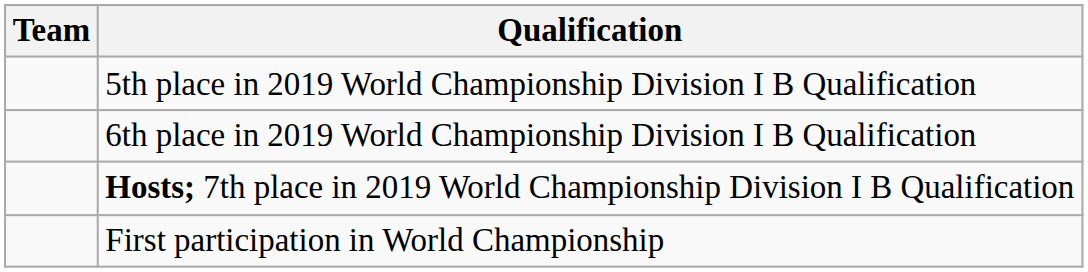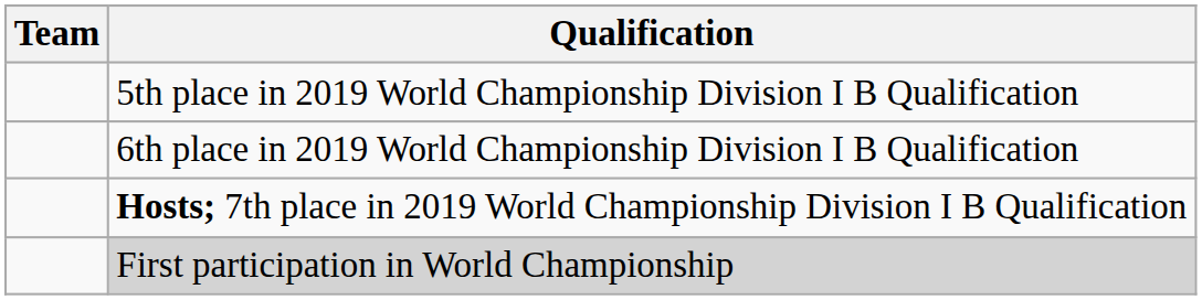 <table class="wikitable">
 <tr>
 <th>Team</th>
 <th>Qualification</th>
 </tr>
 <tr>
 <td></td>
 <td>5th place in 2019 World Championship Division I B Qualification</td>
 </tr>
 <tr>
 <td></td>
 <td>6th place in 2019 World Championship Division I B Qualification</td>
 </tr>
 <tr>
 <td></td>
 <td><strong>Hosts;</strong> 7th place in 2019 World Championship Division I B Qualification</td>
 </tr>
 <tr>
 <td></td>
-<td>First participation in World Championship</td>
+<td style="background: lightgrey;">First participation in World Championship</td>
 </tr>
 </table>
